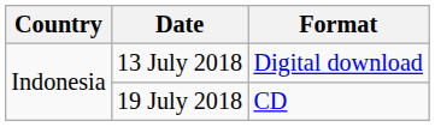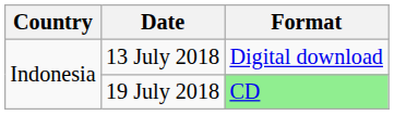 <table class="wikitable">
 <tr>
 <th>Country</th>
 <th>Date</th>
 <th>Format</th>
 </tr>
 <tr>
 <td rowspan="2">Indonesia</td>
 <td>13 July 2018</td>
 <td><a href='#'>Digital download</a></td>
 </tr>
 <tr>
 <td>19 July 2018</td>
-<td><a href='#'>CD</a></td>
+<td style="background: lightgreen;"><a href='#'>CD</a></td>
 </tr>
 </table>
